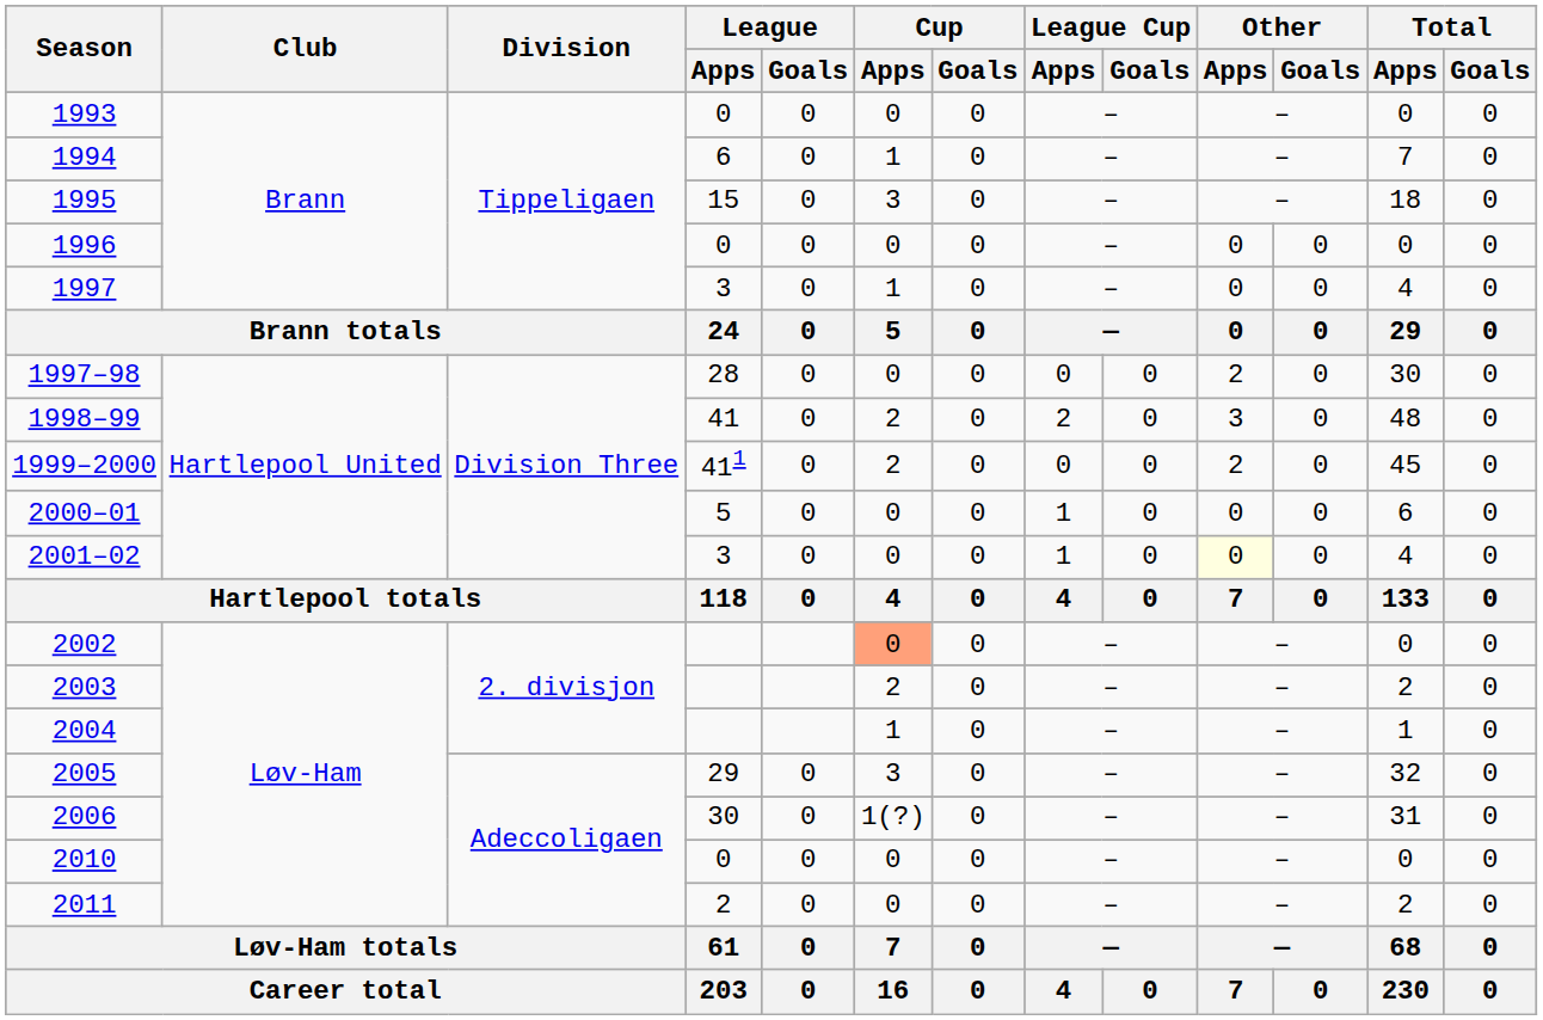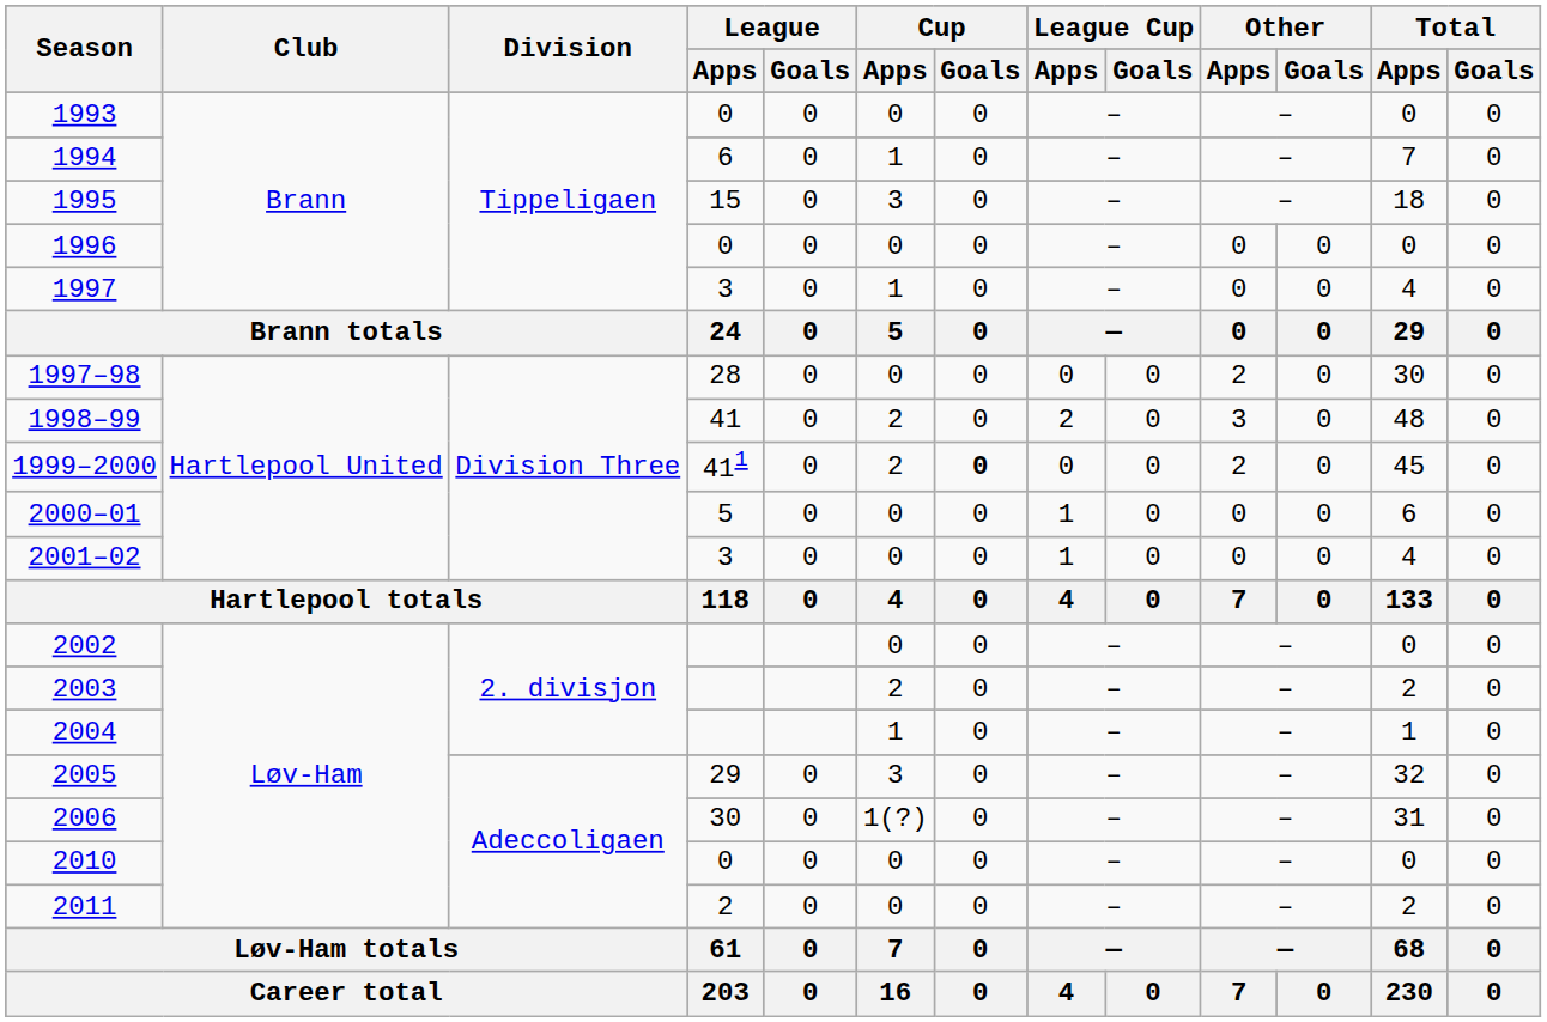 <table class="wikitable" style="text-align: center;">
 <tr>
 <th rowspan="2">Season</th>
 <th rowspan="2">Club</th>
 <th rowspan="2">Division</th>
 <th colspan="2">League</th>
 <th colspan="2">Cup</th>
 <th colspan="2">League Cup</th>
 <th colspan="2">Other</th>
 <th colspan="2">Total</th>
 </tr>
 <tr>
 <th>Apps</th>
 <th>Goals</th>
 <th>Apps</th>
 <th>Goals</th>
 <th>Apps</th>
 <th>Goals</th>
 <th>Apps</th>
 <th>Goals</th>
 <th>Apps</th>
 <th>Goals</th>
 </tr>
 <tr>
 <td><a href='#'>1993</a></td>
 <td rowspan="5"><a href='#'>Brann</a></td>
 <td rowspan="5"><a href='#'>Tippeligaen</a></td>
 <td>0</td>
 <td>0</td>
 <td>0</td>
 <td>0</td>
 <td colspan="2">–</td>
 <td colspan="2">–</td>
 <td>0</td>
 <td>0</td>
 </tr>
 <tr>
 <td><a href='#'>1994</a></td>
 <td>6</td>
 <td>0</td>
 <td>1</td>
 <td>0</td>
 <td colspan="2">–</td>
 <td colspan="2">–</td>
 <td>7</td>
 <td>0</td>
 </tr>
 <tr>
 <td><a href='#'>1995</a></td>
 <td>15</td>
 <td>0</td>
 <td>3</td>
 <td>0</td>
 <td colspan="2">–</td>
 <td colspan="2">–</td>
 <td>18</td>
 <td>0</td>
 </tr>
 <tr>
 <td><a href='#'>1996</a></td>
 <td>0</td>
 <td>0</td>
 <td>0</td>
 <td>0</td>
 <td colspan="2">–</td>
 <td>0</td>
 <td>0</td>
 <td>0</td>
 <td>0</td>
 </tr>
 <tr>
 <td><a href='#'>1997</a></td>
 <td>3</td>
 <td>0</td>
 <td>1</td>
 <td>0</td>
 <td colspan="2">–</td>
 <td>0</td>
 <td>0</td>
 <td>4</td>
 <td>0</td>
 </tr>
 <tr>
 <th colspan="3">Brann totals</th>
 <th>24</th>
 <th>0</th>
 <th>5</th>
 <th>0</th>
 <th colspan="2">—</th>
 <th>0</th>
 <th>0</th>
 <th>29</th>
 <th>0</th>
 </tr>
 <tr>
 <td><a href='#'>1997–98</a></td>
 <td rowspan="5"><a href='#'>Hartlepool United</a></td>
 <td rowspan="5"><a href='#'>Division Three</a></td>
 <td>28</td>
 <td>0</td>
 <td>0</td>
 <td>0</td>
 <td>0</td>
 <td>0</td>
 <td>2</td>
 <td>0</td>
 <td>30</td>
 <td>0</td>
 </tr>
 <tr>
 <td><a href='#'>1998–99</a></td>
 <td>41</td>
 <td>0</td>
 <td>2</td>
 <td>0</td>
 <td>2</td>
 <td>0</td>
 <td>3</td>
 <td>0</td>
 <td>48</td>
 <td>0</td>
 </tr>
 <tr>
 <td><a href='#'>1999–2000</a></td>
 <td>41<sup><a href='#'>1</a></sup></td>
 <td>0</td>
 <td>2</td>
-<td>0</td>
+<td><strong>0</strong></td>
 <td>0</td>
 <td>0</td>
 <td>2</td>
 <td>0</td>
 <td>45</td>
 <td>0</td>
 </tr>
 <tr>
 <td><a href='#'>2000–01</a></td>
 <td>5</td>
 <td>0</td>
 <td>0</td>
 <td>0</td>
 <td>1</td>
 <td>0</td>
 <td>0</td>
 <td>0</td>
 <td>6</td>
 <td>0</td>
 </tr>
 <tr>
 <td><a href='#'>2001–02</a></td>
 <td>3</td>
 <td>0</td>
 <td>0</td>
 <td>0</td>
 <td>1</td>
 <td>0</td>
-<td style="background: lightyellow;">0</td>
+<td>0</td>
 <td>0</td>
 <td>4</td>
 <td>0</td>
 </tr>
 <tr>
 <th colspan="3">Hartlepool totals</th>
 <th>118</th>
 <th>0</th>
 <th>4</th>
 <th>0</th>
 <th>4</th>
 <th>0</th>
 <th>7</th>
 <th>0</th>
 <th>133</th>
 <th>0</th>
 </tr>
 <tr>
 <td><a href='#'>2002</a></td>
 <td rowspan="7"><a href='#'>Løv-Ham</a></td>
 <td rowspan="3"><a href='#'>2. divisjon</a></td>
 <td></td>
 <td></td>
-<td style="background: lightsalmon;">0</td>
+<td>0</td>
 <td>0</td>
 <td colspan="2">–</td>
 <td colspan="2">–</td>
 <td>0</td>
 <td>0</td>
 </tr>
 <tr>
 <td><a href='#'>2003</a></td>
 <td></td>
 <td></td>
 <td>2</td>
 <td>0</td>
 <td colspan="2">–</td>
 <td colspan="2">–</td>
 <td>2</td>
 <td>0</td>
 </tr>
 <tr>
 <td><a href='#'>2004</a></td>
 <td></td>
 <td></td>
 <td>1</td>
 <td>0</td>
 <td colspan="2">–</td>
 <td colspan="2">–</td>
 <td>1</td>
 <td>0</td>
 </tr>
 <tr>
 <td><a href='#'>2005</a></td>
 <td rowspan="4"><a href='#'>Adeccoligaen</a></td>
 <td>29</td>
 <td>0</td>
 <td>3</td>
 <td>0</td>
 <td colspan="2">–</td>
 <td colspan="2">–</td>
 <td>32</td>
 <td>0</td>
 </tr>
 <tr>
 <td><a href='#'>2006</a></td>
 <td>30</td>
 <td>0</td>
 <td>1(?)</td>
 <td>0</td>
 <td colspan="2">–</td>
 <td colspan="2">–</td>
 <td>31</td>
 <td>0</td>
 </tr>
 <tr>
 <td><a href='#'>2010</a></td>
 <td>0</td>
 <td>0</td>
 <td>0</td>
 <td>0</td>
 <td colspan="2">–</td>
 <td colspan="2">–</td>
 <td>0</td>
 <td>0</td>
 </tr>
 <tr>
 <td><a href='#'>2011</a></td>
 <td>2</td>
 <td>0</td>
 <td>0</td>
 <td>0</td>
 <td colspan="2">–</td>
 <td colspan="2">–</td>
 <td>2</td>
 <td>0</td>
 </tr>
 <tr>
 <th colspan="3">Løv-Ham totals</th>
 <th>61</th>
 <th>0</th>
 <th>7</th>
 <th>0</th>
 <th colspan="2">—</th>
 <th colspan="2">—</th>
 <th>68</th>
 <th>0</th>
 </tr>
 <tr>
 <th colspan="3">Career total</th>
 <th>203</th>
 <th>0</th>
 <th>16</th>
 <th>0</th>
 <th>4</th>
 <th>0</th>
 <th>7</th>
 <th>0</th>
 <th>230</th>
 <th>0</th>
 </tr>
 </table>
